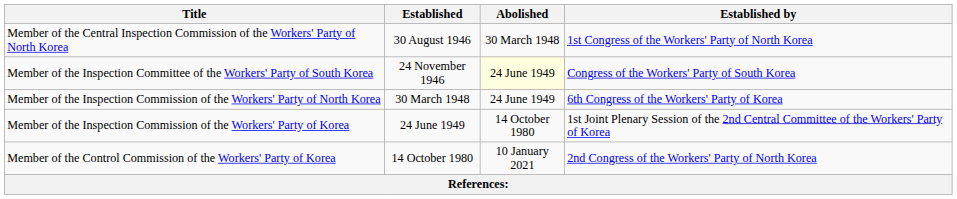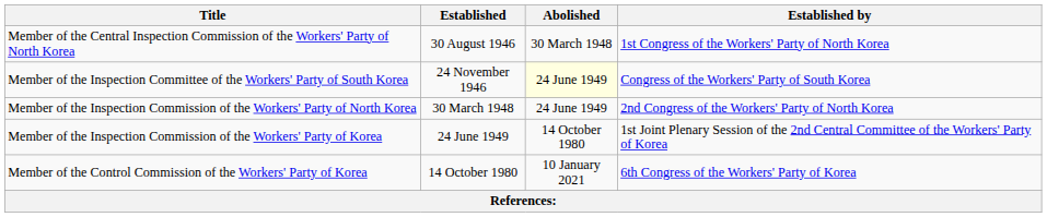 <table class="wikitable sortable">
 <tr>
 <th>Title</th>
 <th>Established</th>
 <th>Abolished</th>
 <th>Established by</th>
 </tr>
 <tr>
 <td>Member of the Central Inspection Commission of the <a href='#'>Workers' Party of North Korea</a></td>
 <td align="center">30 August 1946</td>
 <td align="center">30 March 1948</td>
 <td><a href='#'>1st Congress of the Workers' Party of North Korea</a></td>
 </tr>
 <tr>
 <td>Member of the Inspection Committee of the <a href='#'>Workers' Party of South Korea</a></td>
 <td align="center">24 November 1946</td>
 <td align="center" style="background: lightyellow;">24 June 1949</td>
 <td><a href='#'>Congress of the Workers' Party of South Korea</a></td>
 </tr>
 <tr>
 <td>Member of the Inspection Commission of the <a href='#'>Workers' Party of North Korea</a></td>
 <td align="center">30 March 1948</td>
 <td align="center">24 June 1949</td>
-<td><a href='#'>6th Congress of the Workers' Party of Korea</a></td>
+<td><a href='#'>2nd Congress of the Workers' Party of North Korea</a></td>
 </tr>
 <tr>
 <td>Member of the Inspection Commission of the <a href='#'>Workers' Party of Korea</a></td>
 <td align="center">24 June 1949</td>
 <td align="center">14 October 1980</td>
 <td>1st Joint Plenary Session of the <a href='#'>2nd Central Committee of the Workers' Party of Korea</a></td>
 </tr>
 <tr>
 <td>Member of the Control Commission of the <a href='#'>Workers' Party of Korea</a></td>
 <td align="center">14 October 1980</td>
 <td align="center">10 January 2021</td>
-<td><a href='#'>2nd Congress of the Workers' Party of North Korea</a></td>
+<td><a href='#'>6th Congress of the Workers' Party of Korea</a></td>
 </tr>
 <tr>
 <th colspan="4" unsortable><strong>References:</strong><br></th>
 </tr>
 </table>
